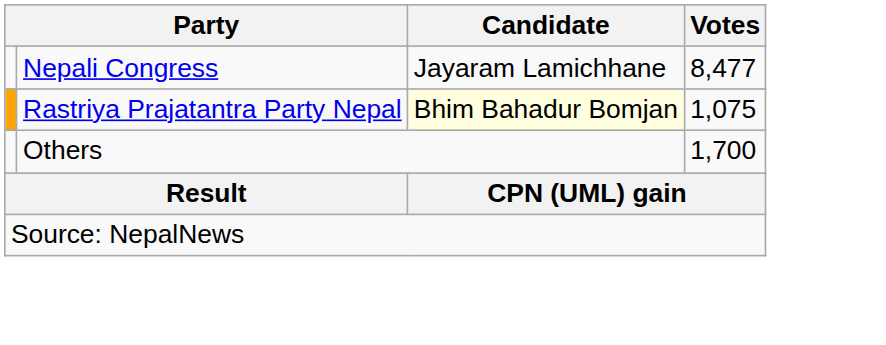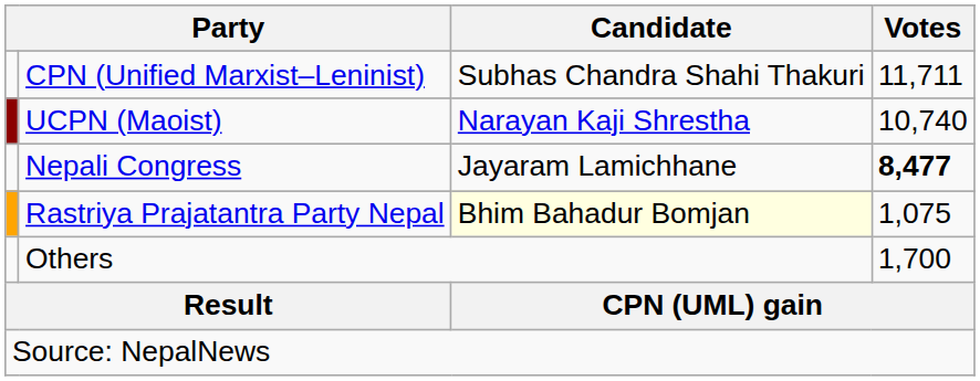 <table class="wikitable">
 <tr>
 <th colspan="2">Party</th>
 <th>Candidate</th>
 <th>Votes</th>
 </tr>
 <tr>
 <td style="background-color:"></td>
+<td><a href='#'>CPN (Unified Marxist–Leninist)</a></td>
+<td>Subhas Chandra Shahi Thakuri</td>
+<td>11,711</td>
+</tr>
+<tr>
+<td style="background-color:darkred"></td>
+<td><a href='#'>UCPN (Maoist)</a></td>
+<td><a href='#'>Narayan Kaji Shrestha</a></td>
+<td>10,740</td>
+</tr>
+<tr>
+<td style="background-color:"></td>
 <td><a href='#'>Nepali Congress</a></td>
 <td>Jayaram Lamichhane</td>
-<td>8,477</td>
+<td><strong>8,477</strong></td>
 </tr>
 <tr>
 <td style="background-color:orange"></td>
 <td><a href='#'>Rastriya Prajatantra Party Nepal</a></td>
 <td style="background: lightyellow;">Bhim Bahadur Bomjan</td>
 <td>1,075</td>
 </tr>
 <tr>
 <td></td>
 <td colspan="2">Others</td>
 <td>1,700</td>
 </tr>
 <tr>
 <th colspan="2">Result</th>
 <th colspan="2">CPN (UML) gain</th>
 </tr>
 <tr>
 <td colspan="4">Source: NepalNews</td>
 </tr>
 </table>
